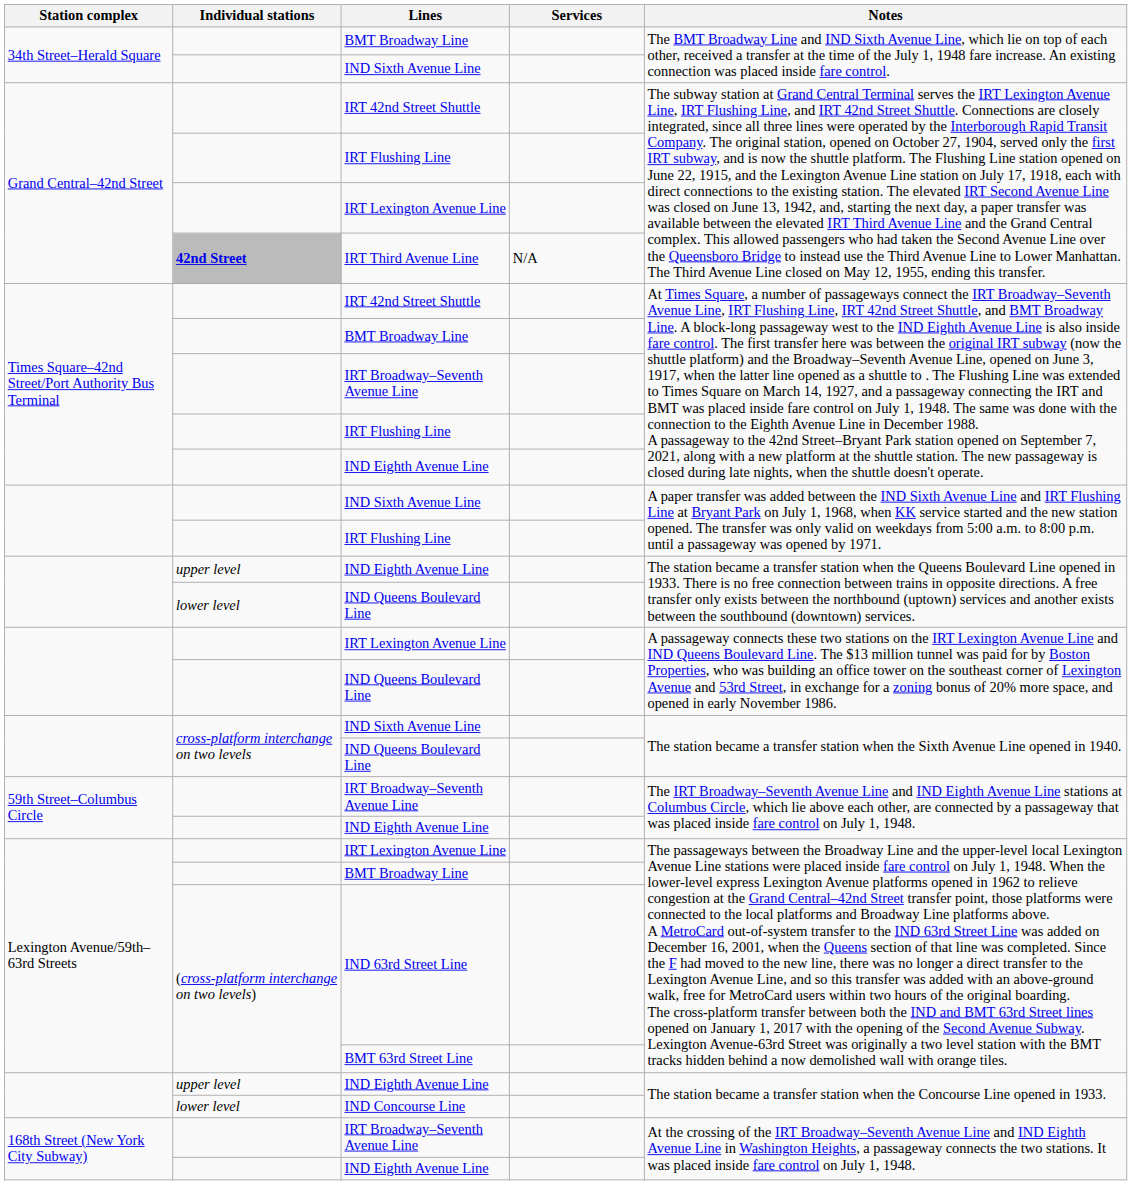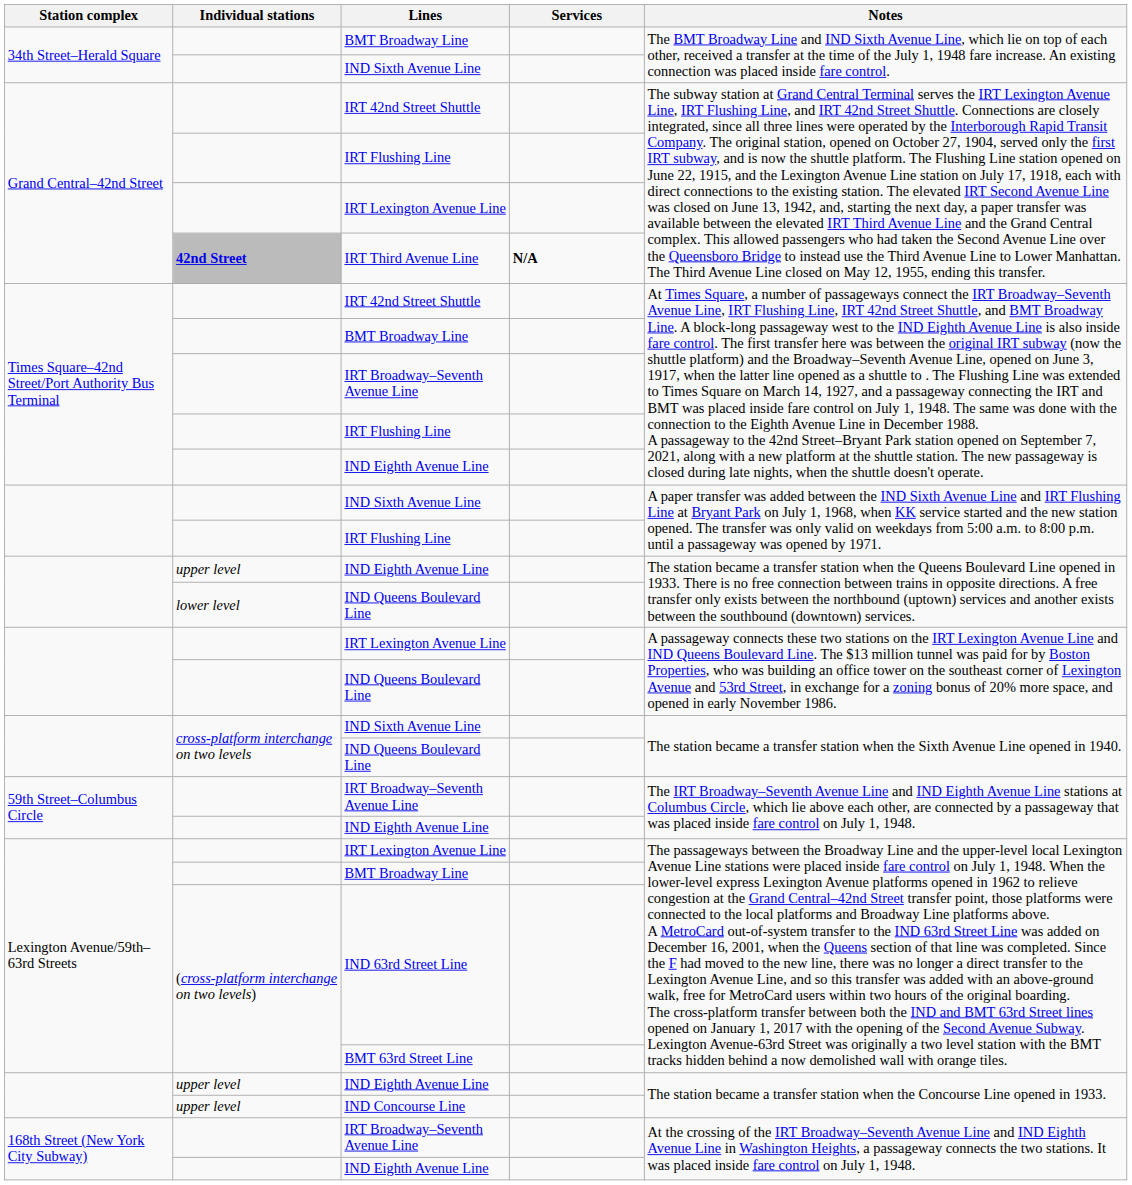 <table class="wikitable">
 <tr>
 <th width=15%>Station complex</th>
 <th width=15%>Individual stations</th>
 <th width=15%>Lines</th>
 <th width=12%>Services</th>
 <th width=43%>Notes</th>
 </tr>
 <tr>
 <td rowspan=2><a href='#'>34th Street–Herald Square</a></td>
 <td></td>
 <td><a href='#'>BMT Broadway Line</a></td>
 <td></td>
 <td rowspan=2>The <a href='#'>BMT Broadway Line</a> and <a href='#'>IND Sixth Avenue Line</a>, which lie on top of each other, received a transfer at the time of the July 1, 1948 fare increase. An existing connection was placed inside <a href='#'>fare control</a>.</td>
 </tr>
 <tr>
 <td></td>
 <td><a href='#'>IND Sixth Avenue Line</a></td>
 <td></td>
 </tr>
 <tr>
 <td rowspan=4><a href='#'>Grand Central–42nd Street</a></td>
 <td></td>
 <td><a href='#'>IRT 42nd Street Shuttle</a></td>
 <td></td>
 <td rowspan=4>The subway station at <a href='#'>Grand Central Terminal</a> serves the <a href='#'>IRT Lexington Avenue Line</a>, <a href='#'>IRT Flushing Line</a>, and <a href='#'>IRT 42nd Street Shuttle</a>. Connections are closely integrated, since all three lines were operated by the <a href='#'>Interborough Rapid Transit Company</a>. The original station, opened on October 27, 1904, served only the <a href='#'>first IRT subway</a>, and is now the shuttle platform. The Flushing Line station opened on June 22, 1915, and the Lexington Avenue Line station on July 17, 1918, each with direct connections to the existing station. The elevated <a href='#'>IRT Second Avenue Line</a> was closed on June 13, 1942, and, starting the next day, a paper transfer was available between the elevated <a href='#'>IRT Third Avenue Line</a> and the Grand Central complex. This allowed passengers who had taken the Second Avenue Line over the <a href='#'>Queensboro Bridge</a> to instead use the Third Avenue Line to Lower Manhattan. The Third Avenue Line closed on May 12, 1955, ending this transfer.</td>
 </tr>
 <tr>
 <td></td>
 <td><a href='#'>IRT Flushing Line</a></td>
 <td></td>
 </tr>
 <tr>
 <td></td>
 <td><a href='#'>IRT Lexington Avenue Line</a></td>
 <td></td>
 </tr>
 <tr>
 <td bgcolor="#BBBBBB"><strong><a href='#'>42nd Street</a></strong></td>
 <td><a href='#'>IRT Third Avenue Line</a></td>
-<td>N/A</td>
+<td><strong>N/A</strong></td>
 </tr>
 <tr>
 <td rowspan=5><a href='#'>Times Square–42nd Street/Port Authority Bus Terminal</a></td>
 <td></td>
 <td><a href='#'>IRT 42nd Street Shuttle</a></td>
 <td></td>
 <td rowspan=5>At <a href='#'>Times Square</a>, a number of passageways connect the <a href='#'>IRT Broadway–Seventh Avenue Line</a>, <a href='#'>IRT Flushing Line</a>, <a href='#'>IRT 42nd Street Shuttle</a>, and <a href='#'>BMT Broadway Line</a>. A block-long passageway west to the <a href='#'>IND Eighth Avenue Line</a> is also inside <a href='#'>fare control</a>. The first transfer here was between the <a href='#'>original IRT subway</a> (now the shuttle platform) and the Broadway–Seventh Avenue Line, opened on June 3, 1917, when the latter line opened as a shuttle to . The Flushing Line was extended to Times Square on March 14, 1927, and a passageway connecting the IRT and BMT was placed inside fare control on July 1, 1948. The same was done with the connection to the Eighth Avenue Line in December 1988.<br>A passageway to the 42nd Street–Bryant Park station opened on September 7, 2021, along with a new platform at the shuttle station. The new passageway is closed during late nights, when the shuttle doesn't operate.</td>
 </tr>
 <tr>
 <td></td>
 <td><a href='#'>BMT Broadway Line</a></td>
 <td></td>
 </tr>
 <tr>
 <td></td>
 <td><a href='#'>IRT Broadway–Seventh Avenue Line</a></td>
 <td></td>
 </tr>
 <tr>
 <td></td>
 <td><a href='#'>IRT Flushing Line</a></td>
 <td></td>
 </tr>
 <tr>
 <td></td>
 <td><a href='#'>IND Eighth Avenue Line</a></td>
 <td></td>
 </tr>
 <tr>
 <td rowspan=2></td>
 <td></td>
 <td><a href='#'>IND Sixth Avenue Line</a></td>
 <td></td>
 <td rowspan=2>A paper transfer was added between the <a href='#'>IND Sixth Avenue Line</a> and <a href='#'>IRT Flushing Line</a> at <a href='#'>Bryant Park</a> on July 1, 1968, when <a href='#'>KK</a> service started and the new  station opened. The transfer was only valid on weekdays from 5:00 a.m. to 8:00 p.m. until a passageway was opened by 1971.</td>
 </tr>
 <tr>
 <td></td>
 <td><a href='#'>IRT Flushing Line</a></td>
 <td></td>
 </tr>
 <tr>
 <td rowspan=2></td>
 <td><em>upper level</em></td>
 <td><a href='#'>IND Eighth Avenue Line</a></td>
 <td></td>
 <td rowspan=2>The station became a transfer station when the Queens Boulevard Line opened in 1933. There is no free connection between trains in opposite directions. A free transfer only exists between the northbound (uptown) services and another exists between the southbound (downtown) services.</td>
 </tr>
 <tr>
 <td><em>lower level</em></td>
 <td><a href='#'>IND Queens Boulevard Line</a></td>
 <td></td>
 </tr>
 <tr>
 <td rowspan=2></td>
 <td></td>
 <td><a href='#'>IRT Lexington Avenue Line</a></td>
 <td></td>
 <td rowspan=2>A passageway connects these two stations on the <a href='#'>IRT Lexington Avenue Line</a> and <a href='#'>IND Queens Boulevard Line</a>. The $13 million tunnel was paid for by <a href='#'>Boston Properties</a>, who was building an office tower on the southeast corner of <a href='#'>Lexington Avenue</a> and <a href='#'>53rd Street</a>, in exchange for a <a href='#'>zoning</a> bonus of 20% more space, and opened in early November 1986.</td>
 </tr>
 <tr>
 <td></td>
 <td><a href='#'>IND Queens Boulevard Line</a></td>
 <td></td>
 </tr>
 <tr>
 <td rowspan=2></td>
 <td rowspan=2><em><a href='#'>cross-platform interchange</a> on two levels</em></td>
 <td><a href='#'>IND Sixth Avenue Line</a></td>
 <td></td>
 <td rowspan=2>The station became a transfer station when the Sixth Avenue Line opened in 1940.</td>
 </tr>
 <tr>
 <td><a href='#'>IND Queens Boulevard Line</a></td>
 <td></td>
 </tr>
 <tr>
 <td rowspan=2><a href='#'>59th Street–Columbus Circle</a></td>
 <td></td>
 <td><a href='#'>IRT Broadway–Seventh Avenue Line</a></td>
 <td></td>
 <td rowspan=2>The <a href='#'>IRT Broadway–Seventh Avenue Line</a> and <a href='#'>IND Eighth Avenue Line</a> stations at <a href='#'>Columbus Circle</a>, which lie above each other, are connected by a passageway that was placed inside <a href='#'>fare control</a> on July 1, 1948.</td>
 </tr>
 <tr>
 <td></td>
 <td><a href='#'>IND Eighth Avenue Line</a></td>
 <td></td>
 </tr>
 <tr>
 <td rowspan=4>Lexington Avenue/59th–63rd Streets</td>
 <td></td>
 <td><a href='#'>IRT Lexington Avenue Line</a></td>
 <td></td>
 <td rowspan=4>The passageways between the Broadway Line and the upper-level local Lexington Avenue Line stations were placed inside <a href='#'>fare control</a> on July 1, 1948. When the lower-level express Lexington Avenue platforms opened in 1962 to relieve congestion at the <a href='#'>Grand Central–42nd Street</a> transfer point, those platforms were connected to the local platforms and Broadway Line platforms above.<br>A <a href='#'>MetroCard</a> out-of-system transfer to the <a href='#'>IND 63rd Street Line</a> was added on December 16, 2001, when the <a href='#'>Queens</a> section of that line was completed. Since the <a href='#'>F</a> had moved to the new line, there was no longer a direct transfer to the Lexington Avenue Line, and so this transfer was added with an above-ground walk, free for MetroCard users within two hours of the original boarding.<br>The cross-platform transfer between both the <a href='#'>IND and BMT 63rd Street lines</a> opened on January 1, 2017 with the opening of the <a href='#'>Second Avenue Subway</a>. Lexington Avenue-63rd Street was originally a two level station with the BMT tracks hidden behind a now demolished wall with orange tiles.</td>
 </tr>
 <tr>
 <td></td>
 <td><a href='#'>BMT Broadway Line</a></td>
 <td></td>
 </tr>
 <tr>
 <td rowspan=2><br>(<em><a href='#'>cross-platform interchange</a> on two levels</em>)</td>
 <td><a href='#'>IND 63rd Street Line</a></td>
 <td></td>
 </tr>
 <tr>
 <td><a href='#'>BMT 63rd Street Line</a></td>
 <td></td>
 </tr>
 <tr>
 <td rowspan=2></td>
 <td><em>upper level</em></td>
 <td><a href='#'>IND Eighth Avenue Line</a></td>
 <td></td>
 <td rowspan=2>The station became a transfer station when the Concourse Line opened in 1933.</td>
 </tr>
 <tr>
-<td><em>lower level</em></td>
+<td><em>upper level</em></td>
 <td><a href='#'>IND Concourse Line</a></td>
 <td></td>
 </tr>
 <tr>
 <td rowspan=2><a href='#'>168th Street (New York City Subway)</a></td>
 <td></td>
 <td><a href='#'>IRT Broadway–Seventh Avenue Line</a></td>
 <td></td>
 <td rowspan=2>At the crossing of the <a href='#'>IRT Broadway–Seventh Avenue Line</a> and <a href='#'>IND Eighth Avenue Line</a> in <a href='#'>Washington Heights</a>, a passageway connects the two stations. It was placed inside <a href='#'>fare control</a> on July 1, 1948.</td>
 </tr>
 <tr>
 <td></td>
 <td><a href='#'>IND Eighth Avenue Line</a></td>
 <td></td>
 </tr>
 </table>
